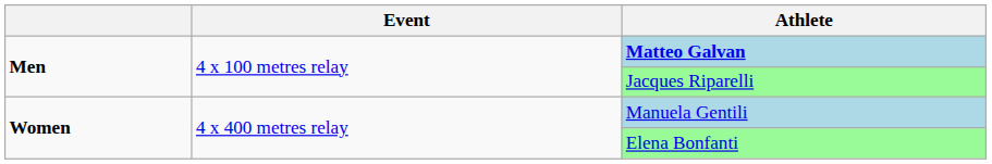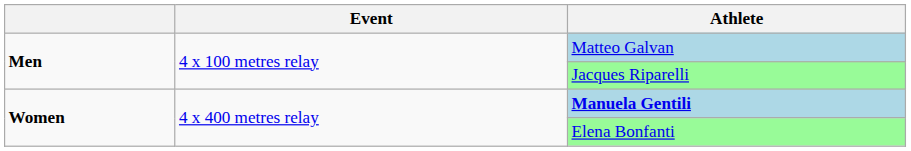 <table class=wikitable style="font-size:90%" width=60%>
 <tr>
 <th></th>
 <th>Event</th>
 <th>Athlete</th>
 </tr>
 <tr>
 <td rowspan=2><strong>Men</strong></td>
 <td rowspan=2><a href='#'>4 x 100 metres relay</a></td>
-<td bgcolor="LightBlue"><strong><a href='#'>Matteo Galvan</a></strong></td>
+<td bgcolor="LightBlue"><a href='#'>Matteo Galvan</a></td>
 </tr>
 <tr>
 <td bgcolor="PaleGreen"><a href='#'>Jacques Riparelli</a></td>
 </tr>
 <tr>
 <td rowspan=2><strong>Women</strong></td>
 <td rowspan=2><a href='#'>4 x 400 metres relay</a></td>
-<td bgcolor=LightBlue><a href='#'>Manuela Gentili</a></td>
+<td bgcolor=LightBlue><strong><a href='#'>Manuela Gentili</a></strong></td>
 </tr>
 <tr>
 <td bgcolor="PaleGreen"><a href='#'>Elena Bonfanti</a></td>
 </tr>
 </table>
